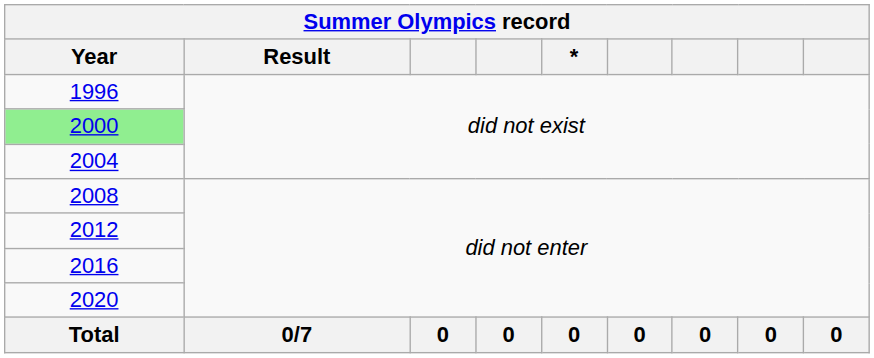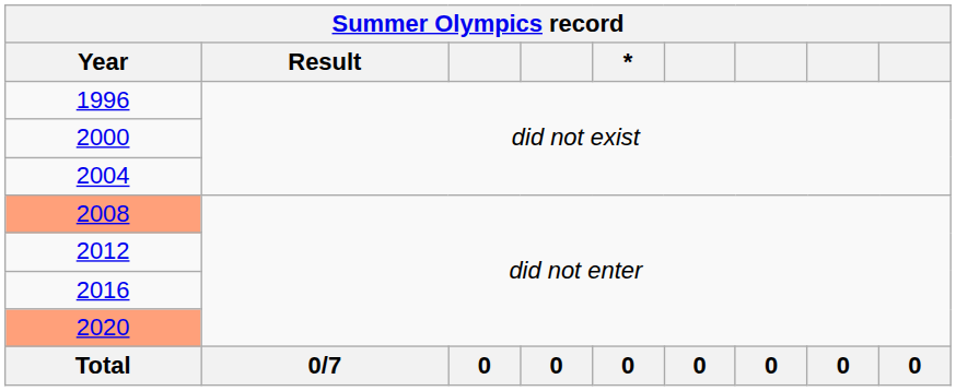 <table class="wikitable" style="text-align: center; width:50%;">
 <tr>
 <th colspan=10><a href='#'>Summer Olympics</a> record</th>
 </tr>
 <tr>
 <th>Year</th>
 <th>Result</th>
 <th></th>
 <th></th>
 <th>*</th>
 <th></th>
 <th></th>
 <th></th>
 <th></th>
 </tr>
 <tr>
 <td> <a href='#'>1996</a></td>
 <td colspan=8 rowspan=3><em>did not exist</em></td>
 </tr>
 <tr>
-<td style="background: lightgreen;"> <a href='#'>2000</a></td>
+<td> <a href='#'>2000</a></td>
 </tr>
 <tr>
 <td> <a href='#'>2004</a></td>
 </tr>
 <tr>
-<td> <a href='#'>2008</a></td>
+<td style="background: lightsalmon;"> <a href='#'>2008</a></td>
 <td colspan=8 rowspan=4><em>did not enter</em></td>
 </tr>
 <tr>
 <td> <a href='#'>2012</a></td>
 </tr>
 <tr>
 <td> <a href='#'>2016</a></td>
 </tr>
 <tr>
-<td> <a href='#'>2020</a></td>
+<td style="background: lightsalmon;"> <a href='#'>2020</a></td>
 </tr>
 <tr>
 <th>Total</th>
 <th>0/7</th>
 <th>0</th>
 <th>0</th>
 <th>0</th>
 <th>0</th>
 <th>0</th>
 <th>0</th>
 <th>0</th>
 </tr>
 </table>
